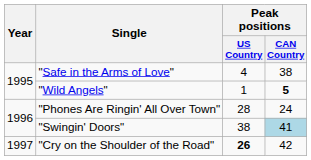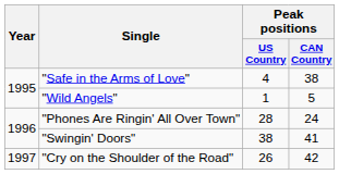 <table class="wikitable" style="text-align:center;">
 <tr>
 <th rowspan="2">Year</th>
 <th rowspan="2">Single</th>
 <th colspan="2">Peak positions</th>
 </tr>
 <tr style="font-size:smaller;">
 <th style="width:50px;"><a href='#'>US<br>Country</a><br></th>
 <th style="width:50px;"><a href='#'>CAN<br>Country</a><br></th>
 </tr>
 <tr>
 <td rowspan="2">1995</td>
 <td style="text-align:left;">"<a href='#'>Safe in the Arms of Love</a>"</td>
 <td>4</td>
 <td>38</td>
 </tr>
 <tr>
 <td style="text-align:left;">"<a href='#'>Wild Angels</a>"</td>
 <td>1</td>
-<td><strong>5</strong></td>
+<td>5</td>
 </tr>
 <tr>
 <td rowspan="2">1996</td>
 <td style="text-align:left;">"Phones Are Ringin' All Over Town"</td>
 <td>28</td>
 <td>24</td>
 </tr>
 <tr>
 <td style="text-align:left;">"Swingin' Doors"</td>
 <td>38</td>
-<td style="background: lightblue;">41</td>
+<td>41</td>
 </tr>
 <tr>
 <td>1997</td>
 <td style="text-align:left;">"Cry on the Shoulder of the Road"</td>
-<td><strong>26</strong></td>
+<td>26</td>
 <td>42</td>
 </tr>
 </table>
